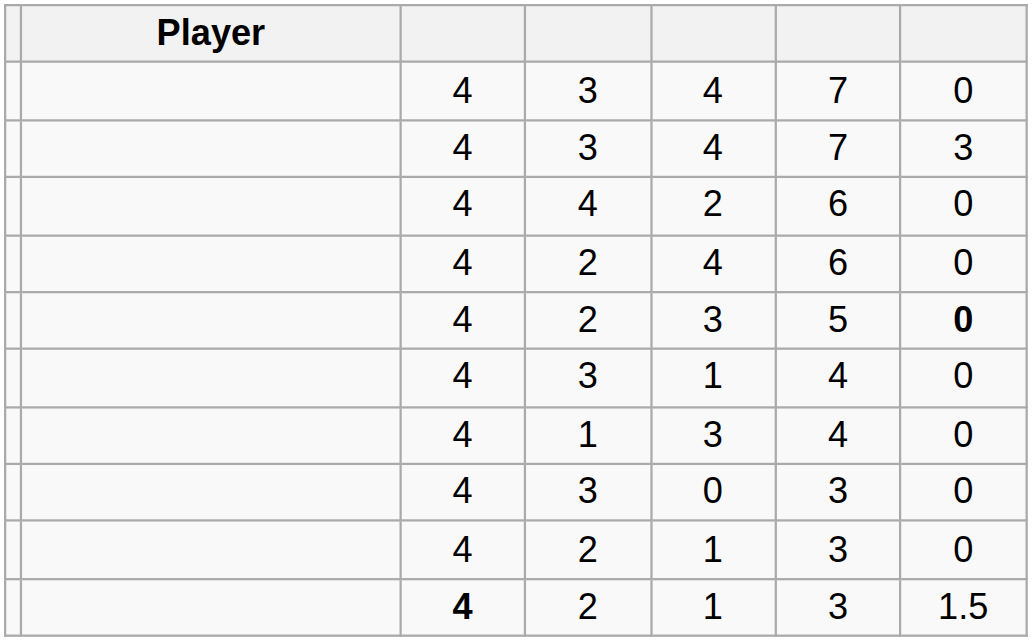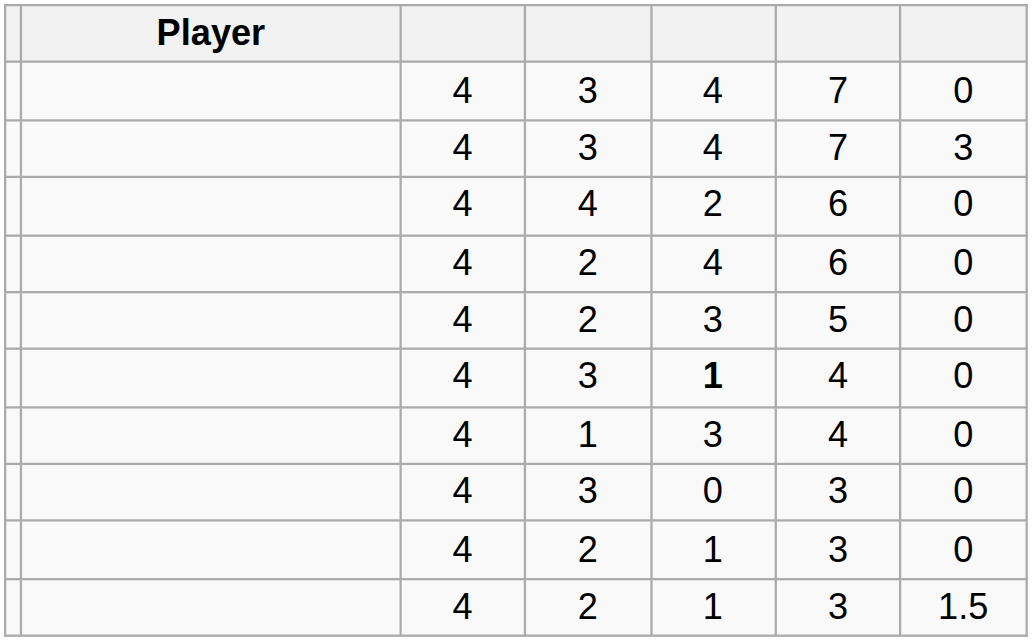 <table class="wikitable sortable" style="text-align: center">
 <tr>
 <th></th>
 <th style="width: 10em;">Player</th>
 <th style="width: 3em;"></th>
 <th style="width: 3em;"></th>
 <th style="width: 3em;"></th>
 <th style="width: 3em;"></th>
 <th style="width: 3em;"></th>
 </tr>
 <tr>
 <td></td>
 <td align="left"></td>
 <td>4</td>
 <td>3</td>
 <td>4</td>
 <td>7</td>
 <td>0</td>
 </tr>
 <tr>
 <td></td>
 <td align="left"></td>
 <td>4</td>
 <td>3</td>
 <td>4</td>
 <td>7</td>
 <td>3</td>
 </tr>
 <tr>
 <td></td>
 <td align="left"></td>
 <td>4</td>
 <td>4</td>
 <td>2</td>
 <td>6</td>
 <td>0</td>
 </tr>
 <tr>
 <td></td>
 <td align="left"></td>
 <td>4</td>
 <td>2</td>
 <td>4</td>
 <td>6</td>
 <td>0</td>
 </tr>
 <tr>
 <td></td>
 <td align="left"></td>
 <td>4</td>
 <td>2</td>
 <td>3</td>
 <td>5</td>
-<td><strong>0</strong></td>
+<td>0</td>
 </tr>
 <tr>
 <td></td>
 <td align="left"></td>
 <td>4</td>
 <td>3</td>
-<td>1</td>
+<td><strong>1</strong></td>
 <td>4</td>
 <td>0</td>
 </tr>
 <tr>
 <td></td>
 <td align="left"></td>
 <td>4</td>
 <td>1</td>
 <td>3</td>
 <td>4</td>
 <td>0</td>
 </tr>
 <tr>
 <td></td>
 <td align="left"></td>
 <td>4</td>
 <td>3</td>
 <td>0</td>
 <td>3</td>
 <td>0</td>
 </tr>
 <tr>
 <td></td>
 <td align="left"></td>
 <td>4</td>
 <td>2</td>
 <td>1</td>
 <td>3</td>
 <td>0</td>
 </tr>
 <tr>
 <td></td>
 <td align="left"></td>
-<td><strong>4</strong></td>
+<td>4</td>
 <td>2</td>
 <td>1</td>
 <td>3</td>
 <td>1.5</td>
 </tr>
 </table>
